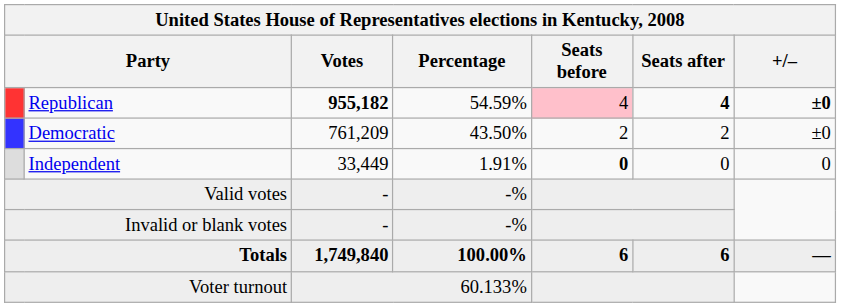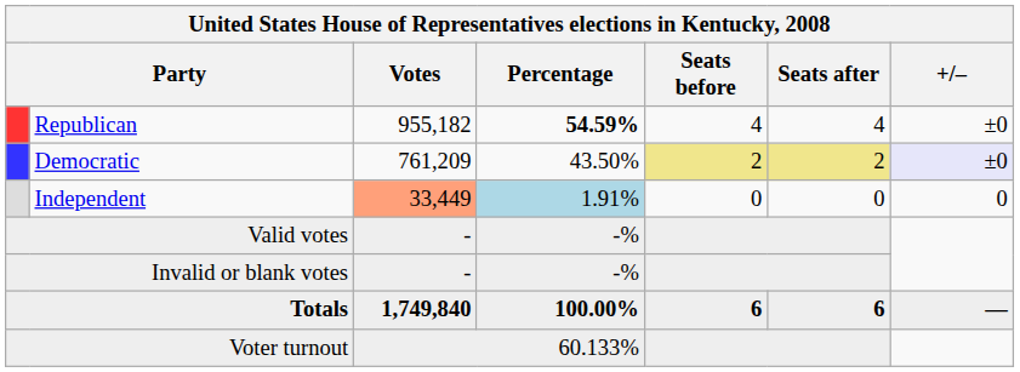 <table class="wikitable" style="font-size: 95%;">
 <tr>
 <th colspan="7">United States House of Representatives elections in Kentucky, 2008</th>
 </tr>
 <tr>
 <th colspan=2 style="width: 15em">Party</th>
 <th style="width: 5em">Votes</th>
 <th style="width: 7em">Percentage</th>
 <th style="width: 5em">Seats before</th>
 <th style="width: 5em">Seats after</th>
 <th style="width: 5em">+/–</th>
 </tr>
 <tr>
 <th style="background:#f33; width:3px;"></th>
 <td style="width: 130px"><a href='#'>Republican</a></td>
-<td style="text-align:right;"><strong>955,182</strong></td>
-<td style="text-align:right;">54.59%</td>
-<td style="background: pink; text-align:right;">4</td>
-<td style="text-align:right;"><strong>4</strong></td>
-<td style="text-align:right;"><strong>±0</strong></td>
+<td style="text-align:right;">955,182</td>
+<td style="text-align:right;"><strong>54.59%</strong></td>
+<td style="text-align:right;">4</td>
+<td style="text-align:right;">4</td>
+<td style="text-align:right;">±0</td>
 </tr>
 <tr>
 <th style="background:#33f; width:3px;"></th>
 <td style="width: 130px"><a href='#'>Democratic</a></td>
 <td style="text-align:right;">761,209</td>
 <td style="text-align:right;">43.50%</td>
-<td style="text-align:right;">2</td>
-<td style="text-align:right;">2</td>
-<td style="text-align:right;">±0</td>
+<td style="background: khaki; text-align:right;">2</td>
+<td style="background: khaki; text-align:right;">2</td>
+<td style="background: lavender; text-align:right;">±0</td>
 </tr>
 <tr>
 <th style="background:#ddd; width:3px;"></th>
 <td style="width: 130px"><a href='#'>Independent</a></td>
-<td style="text-align:right;">33,449</td>
-<td style="text-align:right;">1.91%</td>
-<td style="text-align:right;"><strong>0</strong></td>
+<td style="background: lightsalmon; text-align:right;">33,449</td>
+<td style="background: lightblue; text-align:right;">1.91%</td>
+<td style="text-align:right;">0</td>
 <td style="text-align:right;">0</td>
 <td style="text-align:right;">0</td>
 </tr>
 <tr style="background:#eee; text-align:right;">
 <td colspan="2">Valid votes</td>
 <td>-</td>
 <td>-%</td>
 <td colspan="2"></td>
 </tr>
 <tr style="background:#eee; text-align:right;">
 <td colspan="2">Invalid or blank votes</td>
 <td>-</td>
 <td>-%</td>
 <td colspan="2"></td>
 </tr>
 <tr style="background:#eee; text-align:right;">
 <td colspan="2"><strong>Totals</strong></td>
 <td><strong>1,749,840</strong></td>
 <td><strong>100.00%</strong></td>
 <td><strong>6</strong></td>
 <td><strong>6</strong></td>
 <td><strong>—</strong></td>
 </tr>
 <tr style="background:#eee; text-align:right;">
 <td colspan="2">Voter turnout</td>
 <td colspan="2">60.133%</td>
 <td colspan="2"></td>
 </tr>
 </table>
